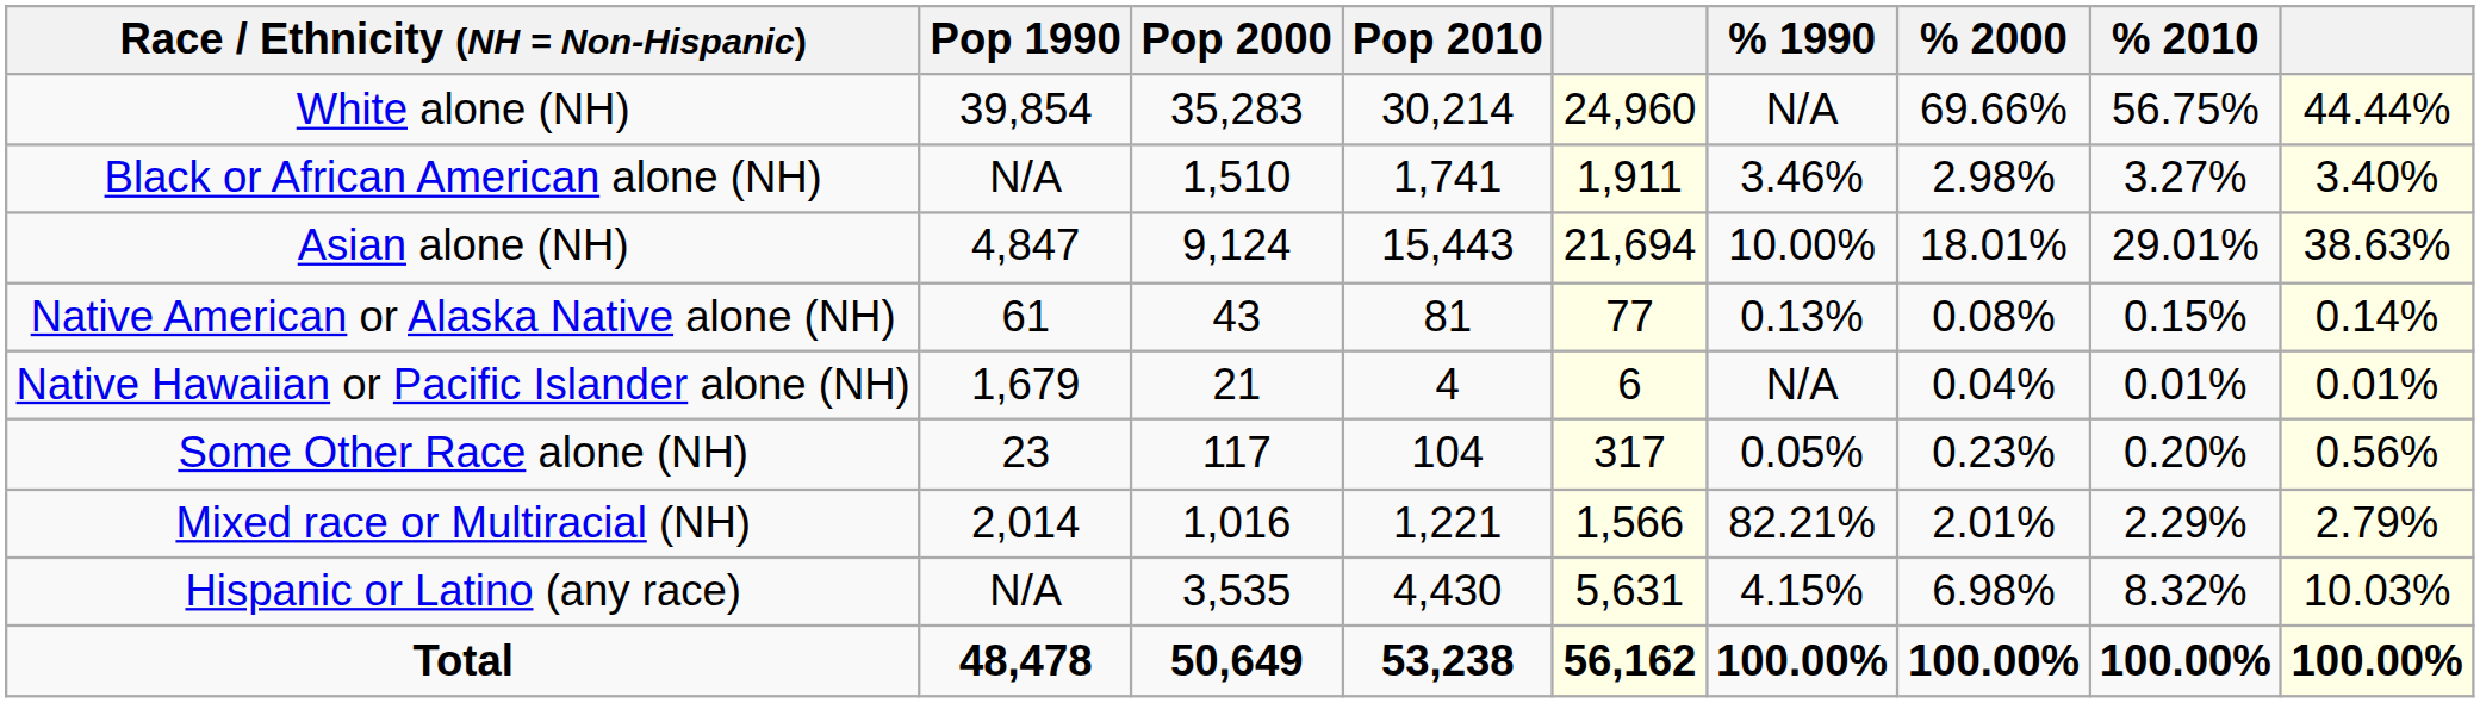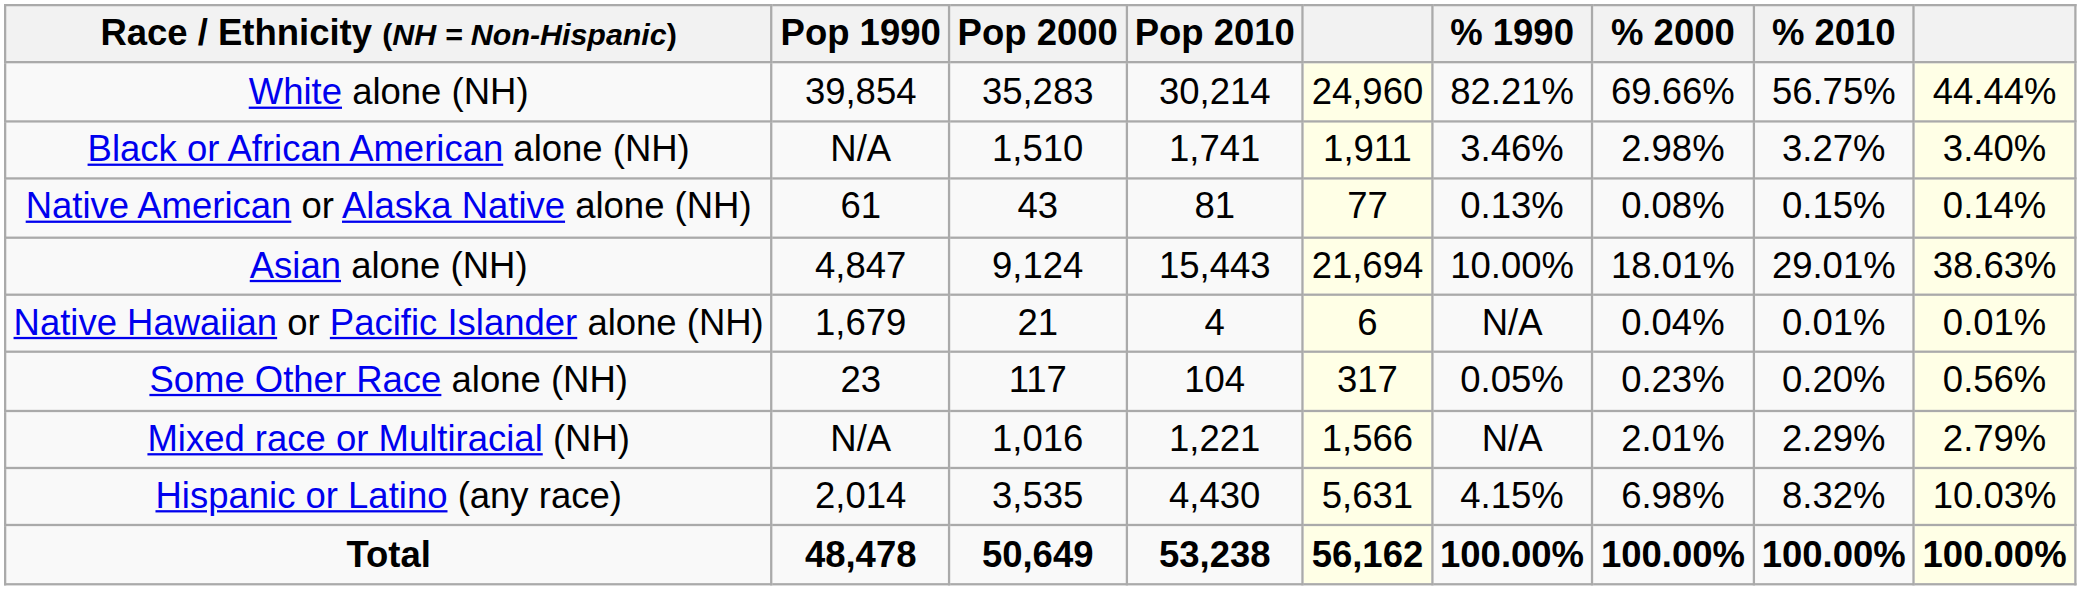 <table class="wikitable" style="text-align:center;">
 <tr>
 <th>Race / Ethnicity <small>(<em>NH = Non-Hispanic</em>)</small></th>
 <th>Pop 1990</th>
 <th>Pop 2000</th>
 <th>Pop 2010</th>
 <th></th>
 <th>% 1990</th>
 <th>% 2000</th>
 <th>% 2010</th>
 <th></th>
 </tr>
 <tr>
 <td><a href='#'>White</a> alone (NH)</td>
 <td>39,854</td>
 <td>35,283</td>
 <td>30,214</td>
 <td style='background: #ffffe6;'>24,960</td>
-<td>N/A</td>
+<td>82.21%</td>
 <td>69.66%</td>
 <td>56.75%</td>
 <td style='background: #ffffe6;'>44.44%</td>
 </tr>
 <tr>
 <td><a href='#'>Black or African American</a> alone (NH)</td>
 <td>N/A</td>
 <td>1,510</td>
 <td>1,741</td>
 <td style='background: #ffffe6;'>1,911</td>
 <td>3.46%</td>
 <td>2.98%</td>
 <td>3.27%</td>
 <td style='background: #ffffe6;'>3.40%</td>
 </tr>
 <tr>
+<td><a href='#'>Native American</a> or <a href='#'>Alaska Native</a> alone (NH)</td>
+<td>61</td>
+<td>43</td>
+<td>81</td>
+<td style='background: #ffffe6;'>77</td>
+<td>0.13%</td>
+<td>0.08%</td>
+<td>0.15%</td>
+<td style='background: #ffffe6;'>0.14%</td>
+</tr>
+<tr>
 <td><a href='#'>Asian</a> alone (NH)</td>
 <td>4,847</td>
 <td>9,124</td>
 <td>15,443</td>
 <td style='background: #ffffe6;'>21,694</td>
 <td>10.00%</td>
 <td>18.01%</td>
 <td>29.01%</td>
 <td style='background: #ffffe6;'>38.63%</td>
-</tr>
-<tr>
-<td><a href='#'>Native American</a> or <a href='#'>Alaska Native</a> alone (NH)</td>
-<td>61</td>
-<td>43</td>
-<td>81</td>
-<td style='background: #ffffe6;'>77</td>
-<td>0.13%</td>
-<td>0.08%</td>
-<td>0.15%</td>
-<td style='background: #ffffe6;'>0.14%</td>
 </tr>
 <tr>
 <td><a href='#'>Native Hawaiian</a> or <a href='#'>Pacific Islander</a> alone (NH)</td>
 <td>1,679</td>
 <td>21</td>
 <td>4</td>
 <td style='background: #ffffe6;'>6</td>
 <td>N/A</td>
 <td>0.04%</td>
 <td>0.01%</td>
 <td style='background: #ffffe6;'>0.01%</td>
 </tr>
 <tr>
 <td><a href='#'>Some Other Race</a> alone (NH)</td>
 <td>23</td>
 <td>117</td>
 <td>104</td>
 <td style='background: #ffffe6;'>317</td>
 <td>0.05%</td>
 <td>0.23%</td>
 <td>0.20%</td>
 <td style='background: #ffffe6;'>0.56%</td>
 </tr>
 <tr>
 <td><a href='#'>Mixed race or Multiracial</a> (NH)</td>
-<td>2,014</td>
+<td>N/A</td>
 <td>1,016</td>
 <td>1,221</td>
 <td style='background: #ffffe6;'>1,566</td>
-<td>82.21%</td>
+<td>N/A</td>
 <td>2.01%</td>
 <td>2.29%</td>
 <td style='background: #ffffe6;'>2.79%</td>
 </tr>
 <tr>
 <td><a href='#'>Hispanic or Latino</a> (any race)</td>
-<td>N/A</td>
+<td>2,014</td>
 <td>3,535</td>
 <td>4,430</td>
 <td style='background: #ffffe6;'>5,631</td>
 <td>4.15%</td>
 <td>6.98%</td>
 <td>8.32%</td>
 <td style='background: #ffffe6;'>10.03%</td>
 </tr>
 <tr>
 <td><strong>Total</strong></td>
 <td><strong>48,478</strong></td>
 <td><strong>50,649</strong></td>
 <td><strong>53,238</strong></td>
 <td style='background: #ffffe6;'><strong>56,162</strong></td>
 <td><strong>100.00%</strong></td>
 <td><strong>100.00%</strong></td>
 <td><strong>100.00%</strong></td>
 <td style='background: #ffffe6;'><strong>100.00%</strong></td>
 </tr>
 </table>
